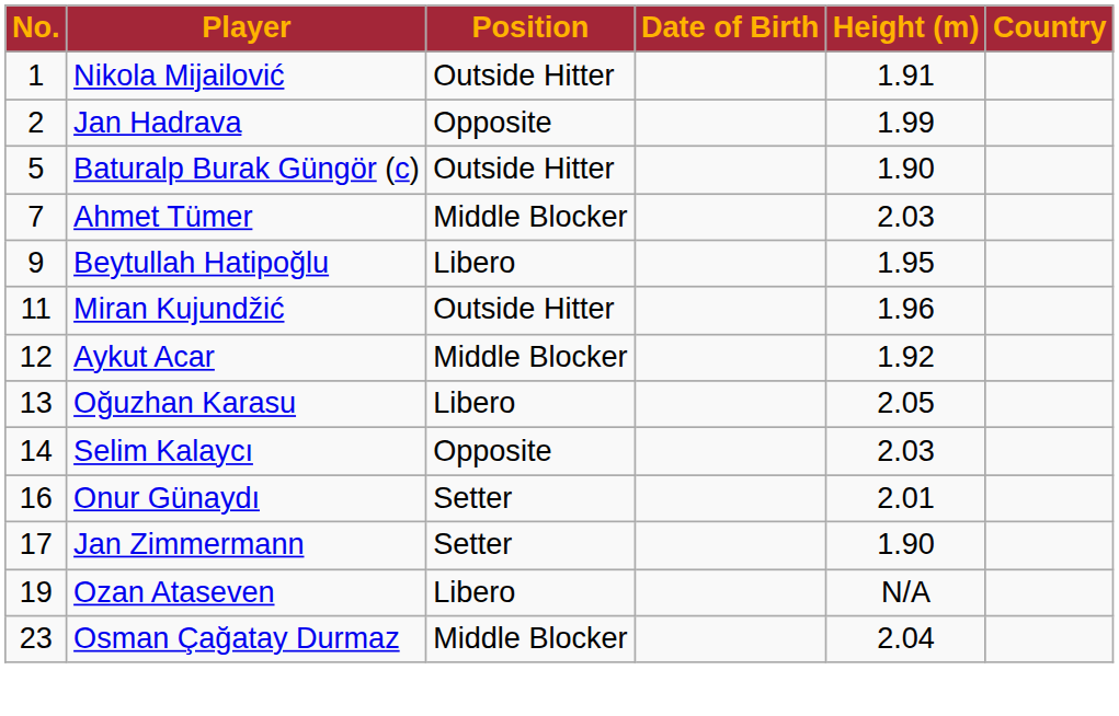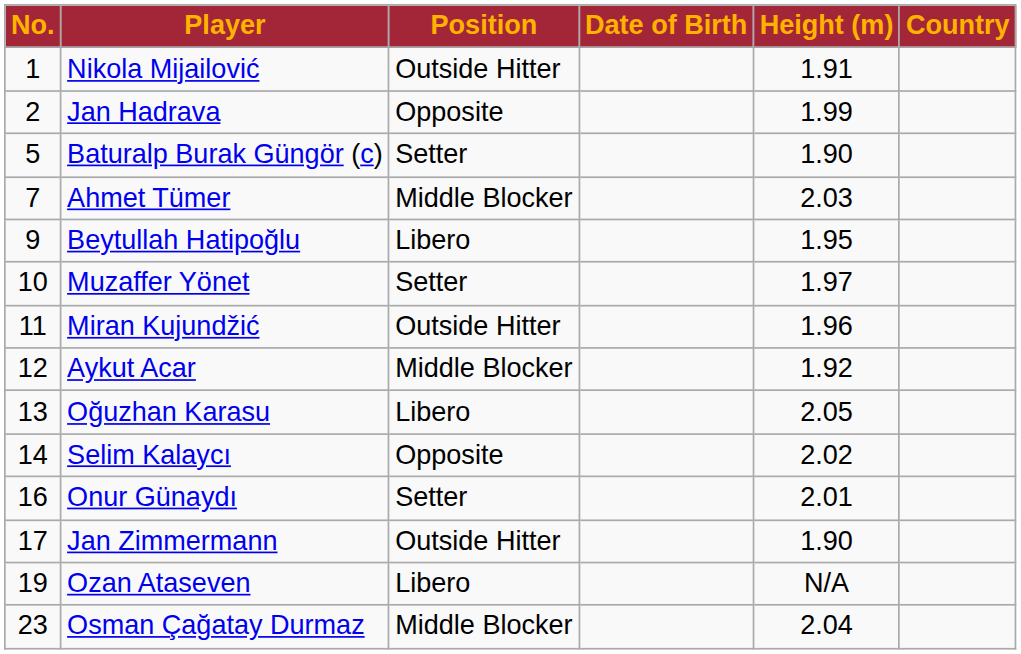 <table class="wikitable plainrowheaders sortable">
 <tr>
 <th style="background:#A32638; color:#FFB300; ">No.</th>
 <th style="background:#A32638; color:#FFB300; ">Player</th>
 <th style="background:#A32638; color:#FFB300; ">Position</th>
 <th style="background:#A32638; color:#FFB300; ">Date of Birth</th>
 <th style="background:#A32638; color:#FFB300; ">Height (m)</th>
 <th style="background:#A32638; color:#FFB300; ">Country</th>
 </tr>
 <tr>
 <td align="center">1</td>
 <td><a href='#'>Nikola Mijailović</a></td>
 <td>Outside Hitter</td>
 <td></td>
 <td align="center">1.91</td>
 <td></td>
 </tr>
 <tr>
 <td align="center">2</td>
 <td><a href='#'>Jan Hadrava</a></td>
 <td>Opposite</td>
 <td></td>
 <td align="center">1.99</td>
 <td></td>
 </tr>
 <tr>
 <td align="center">5</td>
 <td><a href='#'>Baturalp Burak Güngör</a> (<a href='#'>c</a>)</td>
-<td>Outside Hitter</td>
+<td>Setter</td>
 <td></td>
 <td align="center">1.90</td>
 <td></td>
 </tr>
 <tr>
 <td align="center">7</td>
 <td><a href='#'>Ahmet Tümer</a></td>
 <td>Middle Blocker</td>
 <td></td>
 <td align="center">2.03</td>
 <td></td>
 </tr>
 <tr>
 <td align="center">9</td>
 <td><a href='#'>Beytullah Hatipoğlu</a></td>
 <td>Libero</td>
 <td></td>
 <td align="center">1.95</td>
+<td></td>
+</tr>
+<tr>
+<td align="center">10</td>
+<td><a href='#'>Muzaffer Yönet</a></td>
+<td>Setter</td>
+<td></td>
+<td align="center">1.97</td>
 <td></td>
 </tr>
 <tr>
 <td align="center">11</td>
 <td><a href='#'>Miran Kujundžić</a></td>
 <td>Outside Hitter</td>
 <td></td>
 <td align="center">1.96</td>
 <td></td>
 </tr>
 <tr>
 <td align="center">12</td>
 <td><a href='#'>Aykut Acar</a></td>
 <td>Middle Blocker</td>
 <td></td>
 <td align="center">1.92</td>
 <td></td>
 </tr>
 <tr>
 <td align="center">13</td>
 <td><a href='#'>Oğuzhan Karasu</a></td>
 <td>Libero</td>
 <td></td>
 <td align="center">2.05</td>
 <td></td>
 </tr>
 <tr>
 <td align="center">14</td>
 <td><a href='#'>Selim Kalaycı</a></td>
 <td>Opposite</td>
 <td></td>
-<td align="center">2.03</td>
+<td align="center">2.02</td>
 <td></td>
 </tr>
 <tr>
 <td align="center">16</td>
 <td><a href='#'>Onur Günaydı</a></td>
 <td>Setter</td>
 <td></td>
 <td align="center">2.01</td>
 <td></td>
 </tr>
 <tr>
 <td align="center">17</td>
 <td><a href='#'>Jan Zimmermann</a></td>
-<td>Setter</td>
+<td>Outside Hitter</td>
 <td></td>
 <td align="center">1.90</td>
 <td></td>
 </tr>
 <tr>
 <td align="center">19</td>
 <td><a href='#'>Ozan Ataseven</a></td>
 <td>Libero</td>
 <td></td>
 <td align="center">N/A</td>
 <td></td>
 </tr>
 <tr>
 <td align="center">23</td>
 <td><a href='#'>Osman Çağatay Durmaz</a></td>
 <td>Middle Blocker</td>
 <td></td>
 <td align="center">2.04</td>
 <td></td>
 </tr>
 </table>
